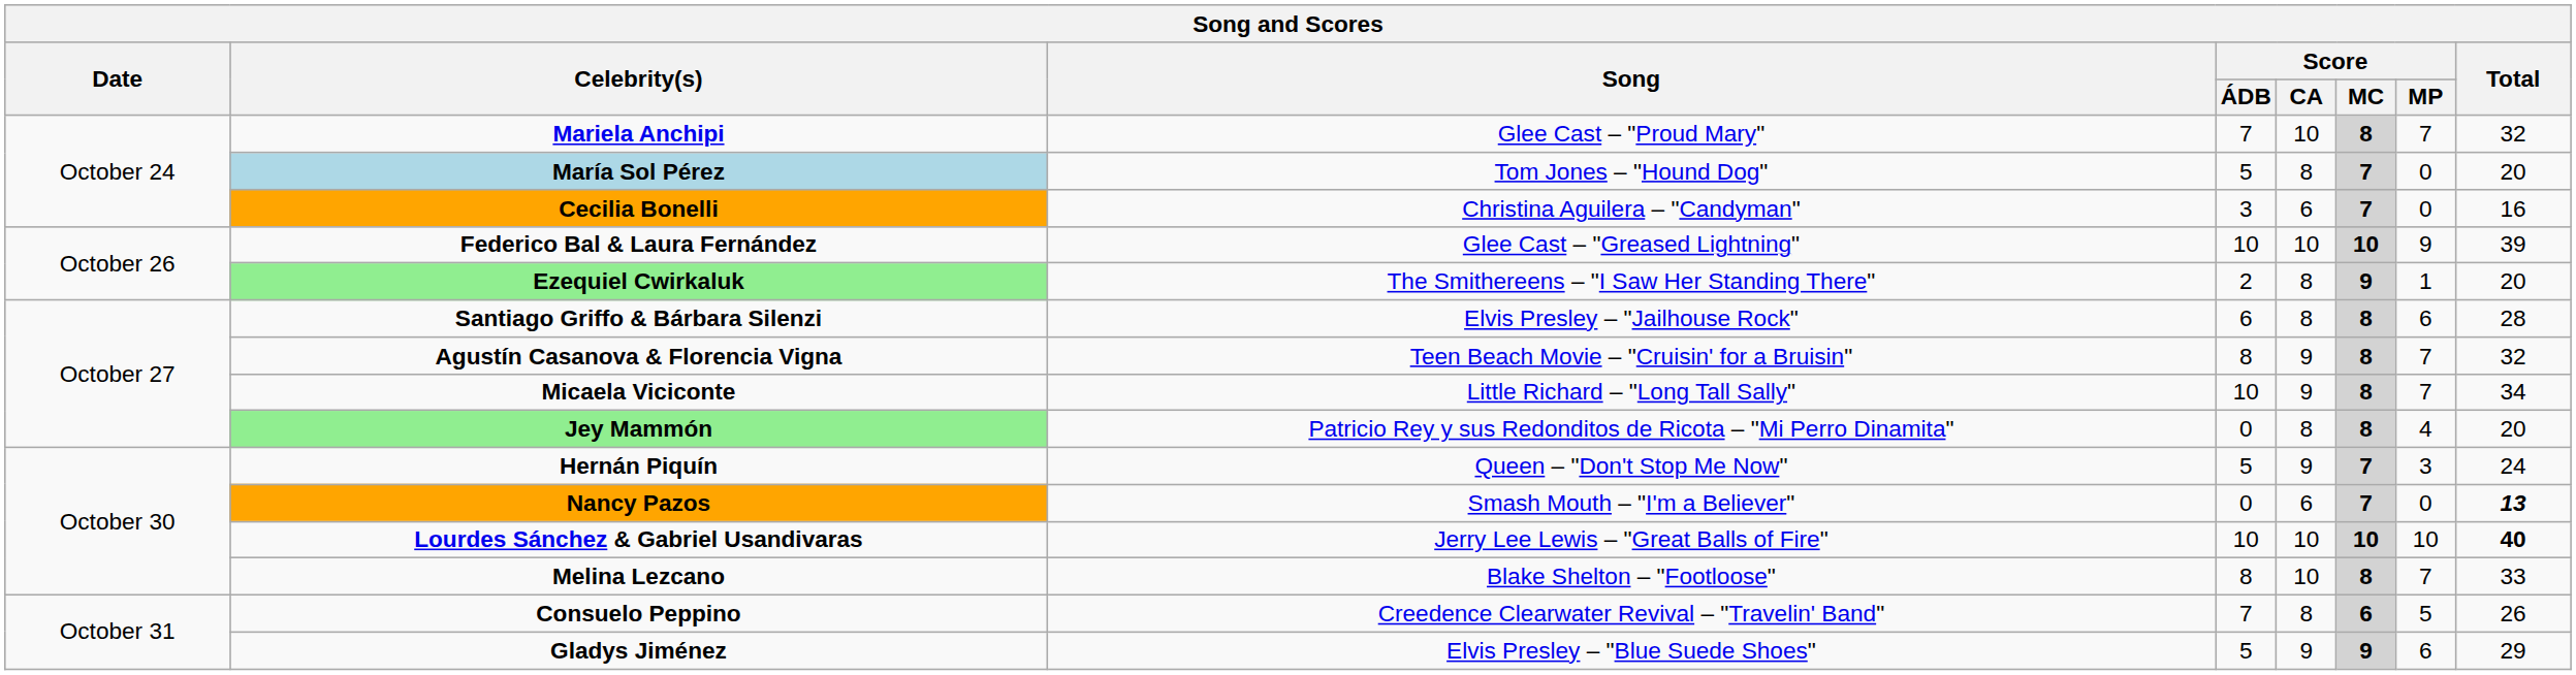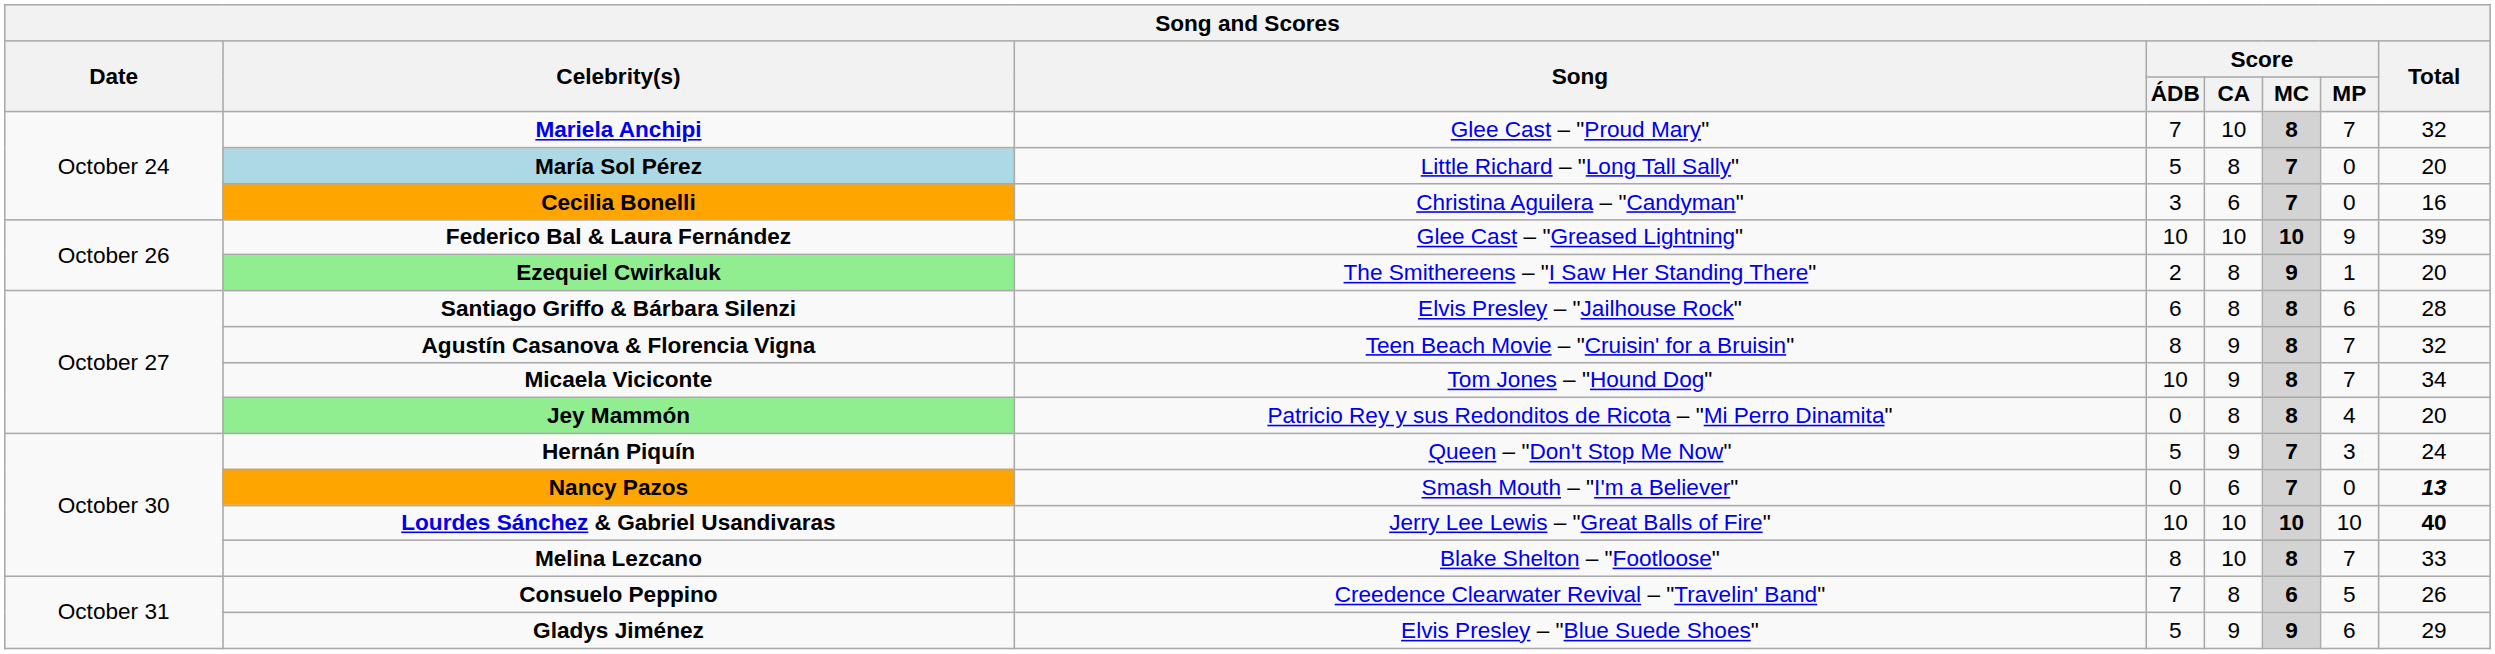 <table class="wikitable collapsible collapsed" style="font-size:90%; text-align: center; width: 100%;">
 <tr>
 <th colspan="11" style="with: 100%;" align=center>Song and Scores</th>
 </tr>
 <tr>
 <th rowspan="2">Date</th>
 <th rowspan="2">Celebrity(s)</th>
 <th rowspan="2">Song</th>
 <th colspan="4">Score</th>
 <th rowspan="2">Total</th>
 </tr>
 <tr>
 <th width=30>ÁDB</th>
 <th width=30>CA</th>
 <th width=30>MC</th>
 <th width=30>MP</th>
 </tr>
 <tr>
 <td rowspan="3">October 24</td>
 <td bgcolor=""><strong><a href='#'>Mariela Anchipi</a></strong></td>
 <td><a href='#'>Glee Cast</a> – "<a href='#'>Proud Mary</a>"</td>
 <td>7</td>
 <td>10</td>
 <td bgcolor="lightgrey"><strong>8</strong></td>
 <td>7</td>
 <td>32</td>
 </tr>
 <tr>
 <td bgcolor="lightblue"><strong>María Sol Pérez</strong></td>
-<td><a href='#'>Tom Jones</a> – "<a href='#'>Hound Dog</a>"</td>
+<td><a href='#'>Little Richard</a> – "<a href='#'>Long Tall Sally</a>"</td>
 <td>5</td>
 <td>8</td>
 <td bgcolor="lightgrey"><strong>7</strong></td>
 <td>0</td>
 <td>20</td>
 </tr>
 <tr>
 <td bgcolor="orange"><strong>Cecilia Bonelli</strong></td>
 <td><a href='#'>Christina Aguilera</a> – "<a href='#'>Candyman</a>"</td>
 <td>3</td>
 <td>6</td>
 <td bgcolor="lightgrey"><strong>7</strong></td>
 <td>0</td>
 <td>16</td>
 </tr>
 <tr>
 <td rowspan="2">October 26</td>
 <td bgcolor=""><strong>Federico Bal & Laura Fernández</strong></td>
 <td><a href='#'>Glee Cast</a> – "<a href='#'>Greased Lightning</a>"</td>
 <td>10</td>
 <td>10</td>
 <td bgcolor="lightgrey"><strong>10</strong></td>
 <td>9</td>
 <td>39</td>
 </tr>
 <tr>
 <td bgcolor="lightgreen"><strong>Ezequiel Cwirkaluk</strong></td>
 <td><a href='#'>The Smithereens</a> – "<a href='#'>I Saw Her Standing There</a>"</td>
 <td>2</td>
 <td>8</td>
 <td bgcolor="lightgrey"><strong>9</strong></td>
 <td>1</td>
 <td>20</td>
 </tr>
 <tr>
 <td rowspan="4">October 27</td>
 <td bgcolor=""><strong>Santiago Griffo & Bárbara Silenzi</strong></td>
 <td><a href='#'>Elvis Presley</a> – "<a href='#'>Jailhouse Rock</a>"</td>
 <td>6</td>
 <td>8</td>
 <td bgcolor="lightgrey"><strong>8</strong></td>
 <td>6</td>
 <td>28</td>
 </tr>
 <tr>
 <td bgcolor=""><strong>Agustín Casanova & Florencia Vigna</strong></td>
 <td><a href='#'>Teen Beach Movie</a> – "<a href='#'>Cruisin' for a Bruisin</a>"</td>
 <td>8</td>
 <td>9</td>
 <td bgcolor="lightgrey"><strong>8</strong></td>
 <td>7</td>
 <td>32</td>
 </tr>
 <tr>
 <td bgcolor=""><strong>Micaela Viciconte</strong></td>
-<td><a href='#'>Little Richard</a> – "<a href='#'>Long Tall Sally</a>"</td>
+<td><a href='#'>Tom Jones</a> – "<a href='#'>Hound Dog</a>"</td>
 <td>10</td>
 <td>9</td>
 <td bgcolor="lightgrey"><strong>8</strong></td>
 <td>7</td>
 <td>34</td>
 </tr>
 <tr>
 <td bgcolor="lightgreen"><strong>Jey Mammón</strong></td>
 <td><a href='#'>Patricio Rey y sus Redonditos de Ricota</a> – "<a href='#'>Mi Perro Dinamita</a>"</td>
 <td>0</td>
 <td>8</td>
 <td bgcolor="lightgrey"><strong>8</strong></td>
 <td>4</td>
 <td>20</td>
 </tr>
 <tr>
 <td rowspan="4">October 30</td>
 <td bgcolor=""><strong>Hernán Piquín</strong></td>
 <td><a href='#'>Queen</a> – "<a href='#'>Don't Stop Me Now</a>"</td>
 <td>5</td>
 <td>9</td>
 <td bgcolor="lightgrey"><strong>7</strong></td>
 <td>3</td>
 <td>24</td>
 </tr>
 <tr>
 <td bgcolor="orange"><strong>Nancy Pazos</strong></td>
 <td><a href='#'>Smash Mouth</a> – "<a href='#'>I'm a Believer</a>"</td>
 <td>0</td>
 <td>6</td>
 <td bgcolor="lightgrey"><strong>7</strong></td>
 <td>0</td>
 <td><span><strong><em>13</em></strong></span></td>
 </tr>
 <tr>
 <td bgcolor=""><strong><a href='#'>Lourdes Sánchez</a> & Gabriel Usandivaras</strong></td>
 <td><a href='#'>Jerry Lee Lewis</a> – "<a href='#'>Great Balls of Fire</a>"</td>
 <td>10</td>
 <td>10</td>
 <td bgcolor="lightgrey"><strong>10</strong></td>
 <td>10</td>
 <td><span><strong>40</strong></span></td>
 </tr>
 <tr>
 <td bgcolor=""><strong>Melina Lezcano</strong></td>
 <td><a href='#'>Blake Shelton</a> – "<a href='#'>Footloose</a>"</td>
 <td>8</td>
 <td>10</td>
 <td bgcolor="lightgrey"><strong>8</strong></td>
 <td>7</td>
 <td>33</td>
 </tr>
 <tr>
 <td rowspan="2">October 31</td>
 <td bgcolor=""><strong>Consuelo Peppino</strong></td>
 <td><a href='#'>Creedence Clearwater Revival</a> – "<a href='#'>Travelin' Band</a>"</td>
 <td>7</td>
 <td>8</td>
 <td bgcolor="lightgrey"><strong>6</strong></td>
 <td>5</td>
 <td>26</td>
 </tr>
 <tr>
 <td bgcolor=""><strong>Gladys Jiménez</strong></td>
 <td><a href='#'>Elvis Presley</a> – "<a href='#'>Blue Suede Shoes</a>"</td>
 <td>5</td>
 <td>9</td>
 <td bgcolor="lightgrey"><strong>9</strong></td>
 <td>6</td>
 <td>29</td>
 </tr>
 </table>
